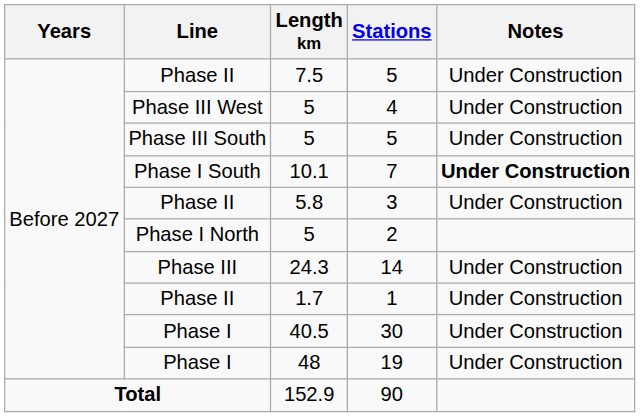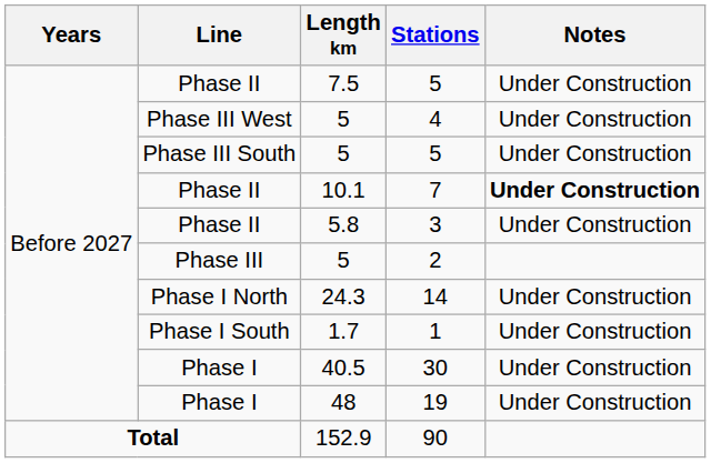 <table class="wikitable sortable" style="cell-padding:1.5; text-align:center;">
 <tr>
 <th>Years</th>
 <th data-sort-type="text">Line</th>
 <th>Length<br><small>km</small></th>
 <th><a href='#'>Stations</a></th>
 <th>Notes</th>
 </tr>
 <tr>
 <td rowspan="10">Before 2027</td>
 <td> Phase II</td>
 <td>7.5</td>
 <td>5</td>
 <td>Under Construction</td>
 </tr>
 <tr>
 <td> Phase III West</td>
 <td>5</td>
 <td>4</td>
 <td>Under Construction</td>
 </tr>
 <tr>
 <td> Phase III South</td>
 <td>5</td>
 <td>5</td>
 <td>Under Construction</td>
 </tr>
 <tr>
-<td> Phase I South</td>
+<td> Phase II</td>
 <td>10.1</td>
 <td>7</td>
 <td><strong>Under Construction</strong></td>
 </tr>
 <tr>
 <td> Phase II</td>
 <td>5.8</td>
 <td>3</td>
 <td>Under Construction</td>
 </tr>
 <tr>
-<td> Phase I North</td>
+<td> Phase III</td>
 <td>5</td>
 <td>2</td>
 <td></td>
 </tr>
 <tr>
-<td> Phase III</td>
+<td> Phase I North</td>
 <td>24.3</td>
 <td>14</td>
 <td>Under Construction</td>
 </tr>
 <tr>
-<td> Phase II</td>
+<td> Phase I South</td>
 <td>1.7</td>
 <td>1</td>
 <td>Under Construction</td>
 </tr>
 <tr>
 <td> Phase I</td>
 <td>40.5</td>
 <td>30</td>
 <td>Under Construction</td>
 </tr>
 <tr>
 <td> Phase I</td>
 <td>48</td>
 <td>19</td>
 <td>Under Construction</td>
 </tr>
 <tr>
 <td colspan="2"><strong>Total</strong></td>
 <td>152.9</td>
 <td>90</td>
 <td></td>
 </tr>
 </table>
